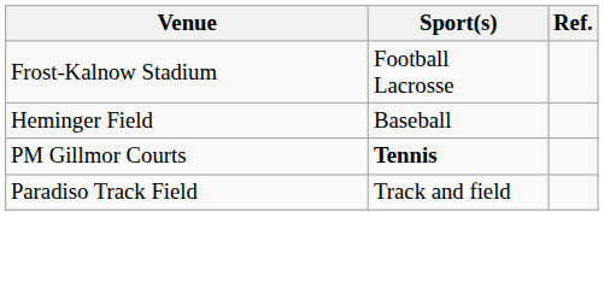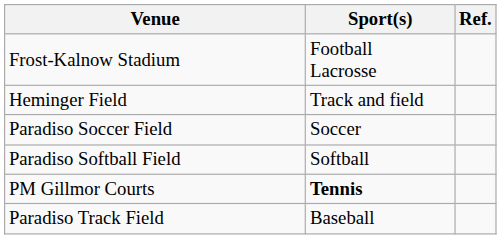 <table class="wikitable"; style= "text-align: ">
 <tr>
 <th width=250px>Venue</th>
 <th width=120px>Sport(s)</th>
 <th width=px>Ref.</th>
 </tr>
 <tr>
 <td>Frost-Kalnow Stadium</td>
 <td>Football <br> Lacrosse</td>
 <td></td>
 </tr>
 <tr>
 <td>Heminger Field </td>
-<td>Baseball</td>
+<td>Track and field</td>
+<td></td>
+</tr>
+<tr>
+<td>Paradiso Soccer Field </td>
+<td>Soccer</td>
+<td></td>
+</tr>
+<tr>
+<td>Paradiso Softball Field </td>
+<td>Softball</td>
 <td></td>
 </tr>
 <tr>
 <td>PM Gillmor Courts</td>
 <td><strong>Tennis</strong></td>
 <td></td>
 </tr>
 <tr>
 <td>Paradiso Track Field </td>
-<td>Track and field</td>
+<td>Baseball</td>
 <td></td>
 </tr>
 </table>
